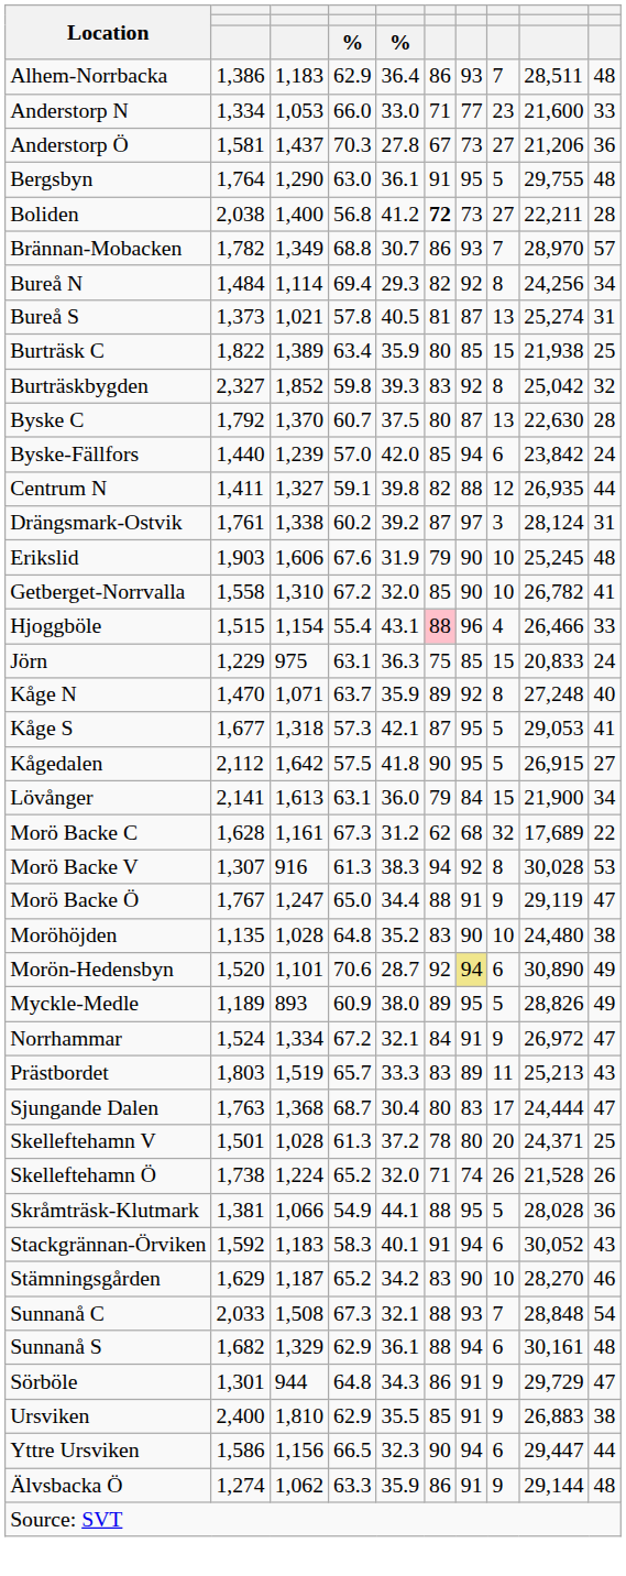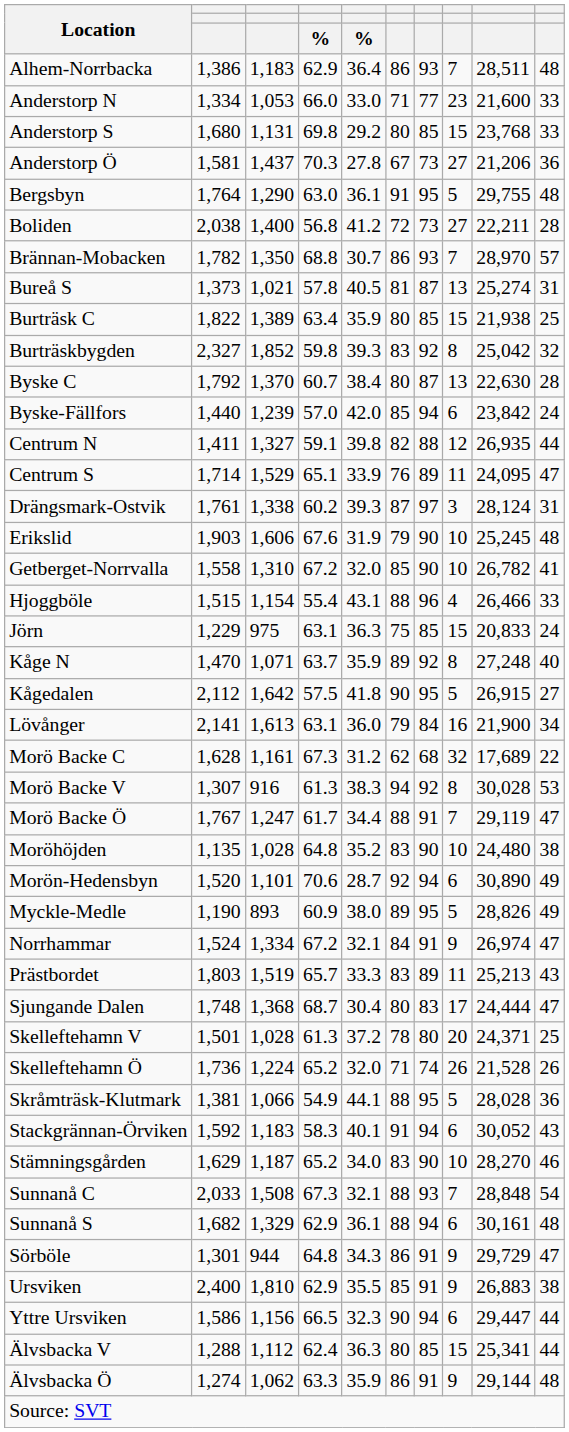 <table role="presentation" class="wikitable sortable mw-collapsible mw-collapsed">
 <tr>
 <th rowspan="3">Location</th>
 <th></th>
 <th></th>
 <th></th>
 <th></th>
 <th></th>
 <th></th>
 <th></th>
 <th></th>
 <th></th>
 </tr>
 <tr>
 <th></th>
 <th></th>
 <th style="background:"></th>
 <th style="background:"></th>
 <th></th>
 <th></th>
 <th></th>
 <th></th>
 <th></th>
 </tr>
 <tr>
 <th data-sort-type="number"></th>
 <th data-sort-type="number"></th>
 <th data-sort-type="number">%</th>
 <th data-sort-type="number">%</th>
 <th data-sort-type="number"></th>
 <th data-sort-type="number"></th>
 <th data-sort-type="number"></th>
 <th data-sort-type="number"></th>
 <th data-sort-type="number"></th>
 </tr>
 <tr>
 <td align="left">Alhem-Norrbacka</td>
 <td>1,386</td>
 <td>1,183</td>
 <td>62.9</td>
 <td>36.4</td>
 <td>86</td>
 <td>93</td>
 <td>7</td>
 <td>28,511</td>
 <td>48</td>
 </tr>
 <tr>
 <td align="left">Anderstorp N</td>
 <td>1,334</td>
 <td>1,053</td>
 <td>66.0</td>
 <td>33.0</td>
 <td>71</td>
 <td>77</td>
 <td>23</td>
 <td>21,600</td>
 <td>33</td>
 </tr>
 <tr>
+<td align="left">Anderstorp S</td>
+<td>1,680</td>
+<td>1,131</td>
+<td>69.8</td>
+<td>29.2</td>
+<td>80</td>
+<td>85</td>
+<td>15</td>
+<td>23,768</td>
+<td>33</td>
+</tr>
+<tr>
 <td align="left">Anderstorp Ö</td>
 <td>1,581</td>
 <td>1,437</td>
 <td>70.3</td>
 <td>27.8</td>
 <td>67</td>
 <td>73</td>
 <td>27</td>
 <td>21,206</td>
 <td>36</td>
 </tr>
 <tr>
 <td align="left">Bergsbyn</td>
 <td>1,764</td>
 <td>1,290</td>
 <td>63.0</td>
 <td>36.1</td>
 <td>91</td>
 <td>95</td>
 <td>5</td>
 <td>29,755</td>
 <td>48</td>
 </tr>
 <tr>
 <td align="left">Boliden</td>
 <td>2,038</td>
 <td>1,400</td>
 <td>56.8</td>
 <td>41.2</td>
-<td><strong>72</strong></td>
+<td>72</td>
 <td>73</td>
 <td>27</td>
 <td>22,211</td>
 <td>28</td>
 </tr>
 <tr>
 <td align="left">Brännan-Mobacken</td>
 <td>1,782</td>
-<td>1,349</td>
+<td>1,350</td>
 <td>68.8</td>
 <td>30.7</td>
 <td>86</td>
 <td>93</td>
 <td>7</td>
 <td>28,970</td>
 <td>57</td>
-</tr>
-<tr>
-<td align="left">Bureå N</td>
-<td>1,484</td>
-<td>1,114</td>
-<td>69.4</td>
-<td>29.3</td>
-<td>82</td>
-<td>92</td>
-<td>8</td>
-<td>24,256</td>
-<td>34</td>
 </tr>
 <tr>
 <td align="left">Bureå S</td>
 <td>1,373</td>
 <td>1,021</td>
 <td>57.8</td>
 <td>40.5</td>
 <td>81</td>
 <td>87</td>
 <td>13</td>
 <td>25,274</td>
 <td>31</td>
 </tr>
 <tr>
 <td align="left">Burträsk C</td>
 <td>1,822</td>
 <td>1,389</td>
 <td>63.4</td>
 <td>35.9</td>
 <td>80</td>
 <td>85</td>
 <td>15</td>
 <td>21,938</td>
 <td>25</td>
 </tr>
 <tr>
 <td align="left">Burträskbygden</td>
 <td>2,327</td>
 <td>1,852</td>
 <td>59.8</td>
 <td>39.3</td>
 <td>83</td>
 <td>92</td>
 <td>8</td>
 <td>25,042</td>
 <td>32</td>
 </tr>
 <tr>
 <td align="left">Byske C</td>
 <td>1,792</td>
 <td>1,370</td>
 <td>60.7</td>
-<td>37.5</td>
+<td>38.4</td>
 <td>80</td>
 <td>87</td>
 <td>13</td>
 <td>22,630</td>
 <td>28</td>
 </tr>
 <tr>
 <td align="left">Byske-Fällfors</td>
 <td>1,440</td>
 <td>1,239</td>
 <td>57.0</td>
 <td>42.0</td>
 <td>85</td>
 <td>94</td>
 <td>6</td>
 <td>23,842</td>
 <td>24</td>
 </tr>
 <tr>
 <td align="left">Centrum N</td>
 <td>1,411</td>
 <td>1,327</td>
 <td>59.1</td>
 <td>39.8</td>
 <td>82</td>
 <td>88</td>
 <td>12</td>
 <td>26,935</td>
 <td>44</td>
 </tr>
 <tr>
+<td align="left">Centrum S</td>
+<td>1,714</td>
+<td>1,529</td>
+<td>65.1</td>
+<td>33.9</td>
+<td>76</td>
+<td>89</td>
+<td>11</td>
+<td>24,095</td>
+<td>47</td>
+</tr>
+<tr>
 <td align="left">Drängsmark-Ostvik</td>
 <td>1,761</td>
 <td>1,338</td>
 <td>60.2</td>
-<td>39.2</td>
+<td>39.3</td>
 <td>87</td>
 <td>97</td>
 <td>3</td>
 <td>28,124</td>
 <td>31</td>
 </tr>
 <tr>
 <td align="left">Erikslid</td>
 <td>1,903</td>
 <td>1,606</td>
 <td>67.6</td>
 <td>31.9</td>
 <td>79</td>
 <td>90</td>
 <td>10</td>
 <td>25,245</td>
 <td>48</td>
 </tr>
 <tr>
 <td align="left">Getberget-Norrvalla</td>
 <td>1,558</td>
 <td>1,310</td>
 <td>67.2</td>
 <td>32.0</td>
 <td>85</td>
 <td>90</td>
 <td>10</td>
 <td>26,782</td>
 <td>41</td>
 </tr>
 <tr>
 <td align="left">Hjoggböle</td>
 <td>1,515</td>
 <td>1,154</td>
 <td>55.4</td>
 <td>43.1</td>
-<td style="background: pink;">88</td>
+<td>88</td>
 <td>96</td>
 <td>4</td>
 <td>26,466</td>
 <td>33</td>
 </tr>
 <tr>
 <td align="left">Jörn</td>
 <td>1,229</td>
 <td>975</td>
 <td>63.1</td>
 <td>36.3</td>
 <td>75</td>
 <td>85</td>
 <td>15</td>
 <td>20,833</td>
 <td>24</td>
 </tr>
 <tr>
 <td align="left">Kåge N</td>
 <td>1,470</td>
 <td>1,071</td>
 <td>63.7</td>
 <td>35.9</td>
 <td>89</td>
 <td>92</td>
 <td>8</td>
 <td>27,248</td>
 <td>40</td>
 </tr>
 <tr>
-<td align="left">Kåge S</td>
-<td>1,677</td>
-<td>1,318</td>
-<td>57.3</td>
-<td>42.1</td>
-<td>87</td>
-<td>95</td>
-<td>5</td>
-<td>29,053</td>
-<td>41</td>
-</tr>
-<tr>
 <td align="left">Kågedalen</td>
 <td>2,112</td>
 <td>1,642</td>
 <td>57.5</td>
 <td>41.8</td>
 <td>90</td>
 <td>95</td>
 <td>5</td>
 <td>26,915</td>
 <td>27</td>
 </tr>
 <tr>
 <td align="left">Lövånger</td>
 <td>2,141</td>
 <td>1,613</td>
 <td>63.1</td>
 <td>36.0</td>
 <td>79</td>
 <td>84</td>
-<td>15</td>
+<td>16</td>
 <td>21,900</td>
 <td>34</td>
 </tr>
 <tr>
 <td align="left">Morö Backe C</td>
 <td>1,628</td>
 <td>1,161</td>
 <td>67.3</td>
 <td>31.2</td>
 <td>62</td>
 <td>68</td>
 <td>32</td>
 <td>17,689</td>
 <td>22</td>
 </tr>
 <tr>
 <td align="left">Morö Backe V</td>
 <td>1,307</td>
 <td>916</td>
 <td>61.3</td>
 <td>38.3</td>
 <td>94</td>
 <td>92</td>
 <td>8</td>
 <td>30,028</td>
 <td>53</td>
 </tr>
 <tr>
 <td align="left">Morö Backe Ö</td>
 <td>1,767</td>
 <td>1,247</td>
-<td>65.0</td>
+<td>61.7</td>
 <td>34.4</td>
 <td>88</td>
 <td>91</td>
-<td>9</td>
+<td>7</td>
 <td>29,119</td>
 <td>47</td>
 </tr>
 <tr>
 <td align="left">Moröhöjden</td>
 <td>1,135</td>
 <td>1,028</td>
 <td>64.8</td>
 <td>35.2</td>
 <td>83</td>
 <td>90</td>
 <td>10</td>
 <td>24,480</td>
 <td>38</td>
 </tr>
 <tr>
 <td align="left">Morön-Hedensbyn</td>
 <td>1,520</td>
 <td>1,101</td>
 <td>70.6</td>
 <td>28.7</td>
 <td>92</td>
-<td style="background: khaki;">94</td>
+<td>94</td>
 <td>6</td>
 <td>30,890</td>
 <td>49</td>
 </tr>
 <tr>
 <td align="left">Myckle-Medle</td>
-<td>1,189</td>
+<td>1,190</td>
 <td>893</td>
 <td>60.9</td>
 <td>38.0</td>
 <td>89</td>
 <td>95</td>
 <td>5</td>
 <td>28,826</td>
 <td>49</td>
 </tr>
 <tr>
 <td align="left">Norrhammar</td>
 <td>1,524</td>
 <td>1,334</td>
 <td>67.2</td>
 <td>32.1</td>
 <td>84</td>
 <td>91</td>
 <td>9</td>
-<td>26,972</td>
+<td>26,974</td>
 <td>47</td>
 </tr>
 <tr>
 <td align="left">Prästbordet</td>
 <td>1,803</td>
 <td>1,519</td>
 <td>65.7</td>
 <td>33.3</td>
 <td>83</td>
 <td>89</td>
 <td>11</td>
 <td>25,213</td>
 <td>43</td>
 </tr>
 <tr>
 <td align="left">Sjungande Dalen</td>
-<td>1,763</td>
+<td>1,748</td>
 <td>1,368</td>
 <td>68.7</td>
 <td>30.4</td>
 <td>80</td>
 <td>83</td>
 <td>17</td>
 <td>24,444</td>
 <td>47</td>
 </tr>
 <tr>
 <td align="left">Skelleftehamn V</td>
 <td>1,501</td>
 <td>1,028</td>
 <td>61.3</td>
 <td>37.2</td>
 <td>78</td>
 <td>80</td>
 <td>20</td>
 <td>24,371</td>
 <td>25</td>
 </tr>
 <tr>
 <td align="left">Skelleftehamn Ö</td>
-<td>1,738</td>
+<td>1,736</td>
 <td>1,224</td>
 <td>65.2</td>
 <td>32.0</td>
 <td>71</td>
 <td>74</td>
 <td>26</td>
 <td>21,528</td>
 <td>26</td>
 </tr>
 <tr>
 <td align="left">Skråmträsk-Klutmark</td>
 <td>1,381</td>
 <td>1,066</td>
 <td>54.9</td>
 <td>44.1</td>
 <td>88</td>
 <td>95</td>
 <td>5</td>
 <td>28,028</td>
 <td>36</td>
 </tr>
 <tr>
 <td align="left">Stackgrännan-Örviken</td>
 <td>1,592</td>
 <td>1,183</td>
 <td>58.3</td>
 <td>40.1</td>
 <td>91</td>
 <td>94</td>
 <td>6</td>
 <td>30,052</td>
 <td>43</td>
 </tr>
 <tr>
 <td align="left">Stämningsgården</td>
 <td>1,629</td>
 <td>1,187</td>
 <td>65.2</td>
-<td>34.2</td>
+<td>34.0</td>
 <td>83</td>
 <td>90</td>
 <td>10</td>
 <td>28,270</td>
 <td>46</td>
 </tr>
 <tr>
 <td align="left">Sunnanå C</td>
 <td>2,033</td>
 <td>1,508</td>
 <td>67.3</td>
 <td>32.1</td>
 <td>88</td>
 <td>93</td>
 <td>7</td>
 <td>28,848</td>
 <td>54</td>
 </tr>
 <tr>
 <td align="left">Sunnanå S</td>
 <td>1,682</td>
 <td>1,329</td>
 <td>62.9</td>
 <td>36.1</td>
 <td>88</td>
 <td>94</td>
 <td>6</td>
 <td>30,161</td>
 <td>48</td>
 </tr>
 <tr>
 <td align="left">Sörböle</td>
 <td>1,301</td>
 <td>944</td>
 <td>64.8</td>
 <td>34.3</td>
 <td>86</td>
 <td>91</td>
 <td>9</td>
 <td>29,729</td>
 <td>47</td>
 </tr>
 <tr>
 <td align="left">Ursviken</td>
 <td>2,400</td>
 <td>1,810</td>
 <td>62.9</td>
 <td>35.5</td>
 <td>85</td>
 <td>91</td>
 <td>9</td>
 <td>26,883</td>
 <td>38</td>
 </tr>
 <tr>
 <td align="left">Yttre Ursviken</td>
 <td>1,586</td>
 <td>1,156</td>
 <td>66.5</td>
 <td>32.3</td>
 <td>90</td>
 <td>94</td>
 <td>6</td>
 <td>29,447</td>
 <td>44</td>
 </tr>
 <tr>
+<td align="left">Älvsbacka V</td>
+<td>1,288</td>
+<td>1,112</td>
+<td>62.4</td>
+<td>36.3</td>
+<td>80</td>
+<td>85</td>
+<td>15</td>
+<td>25,341</td>
+<td>44</td>
+</tr>
+<tr>
 <td align="left">Älvsbacka Ö</td>
 <td>1,274</td>
 <td>1,062</td>
 <td>63.3</td>
 <td>35.9</td>
 <td>86</td>
 <td>91</td>
 <td>9</td>
 <td>29,144</td>
 <td>48</td>
 </tr>
 <tr>
 <td colspan="10" align="left">Source: <a href='#'>SVT</a></td>
 </tr>
 </table>
